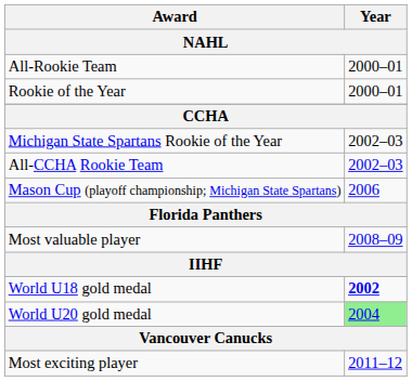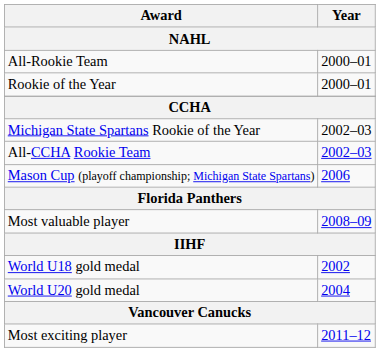 <table class="wikitable" border="1">
 <tr>
 <th>Award</th>
 <th>Year</th>
 </tr>
 <tr>
 <th colspan="2">NAHL</th>
 </tr>
 <tr>
 <td>All-Rookie Team</td>
 <td>2000–01</td>
 </tr>
 <tr>
 <td>Rookie of the Year</td>
 <td>2000–01</td>
 </tr>
 <tr>
 </tr>
 <tr>
 <th colspan="2">CCHA</th>
 </tr>
 <tr>
 <td><a href='#'>Michigan State Spartans</a> Rookie of the Year</td>
 <td>2002–03</td>
 </tr>
 <tr>
 <td>All-<a href='#'>CCHA</a> <a href='#'>Rookie Team</a></td>
 <td><a href='#'>2002–03</a></td>
 </tr>
 <tr>
 <td><a href='#'>Mason Cup</a> <small>(playoff championship; <a href='#'>Michigan State Spartans</a>)</small></td>
 <td><a href='#'>2006</a></td>
 </tr>
 <tr>
 <th colspan="2">Florida Panthers</th>
 </tr>
 <tr>
 <td>Most valuable player</td>
 <td><a href='#'>2008–09</a></td>
 </tr>
 <tr>
 <th colspan="2">IIHF</th>
 </tr>
 <tr>
 <td><a href='#'>World U18</a> gold medal</td>
-<td><strong><a href='#'>2002</a></strong></td>
+<td><a href='#'>2002</a></td>
 </tr>
 <tr>
 <td><a href='#'>World U20</a> gold medal</td>
-<td style="background: lightgreen;"><a href='#'>2004</a></td>
+<td><a href='#'>2004</a></td>
 </tr>
 <tr>
 <th colspan="2">Vancouver Canucks</th>
 </tr>
 <tr>
 <td>Most exciting player</td>
 <td><a href='#'>2011–12</a></td>
 </tr>
 </table>
